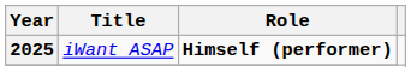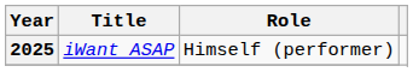 <table class="wikitable plainrowheaders sortable" style="text-align:center">
 <tr>
 <th scope="col">Year</th>
 <th scope="col">Title</th>
 <th scope="col">Role</th>
 <th class="unsortable"></th>
 </tr>
 <tr>
 <th scope="row" rowspan="1">2025</th>
 <td><em><a href='#'>iWant ASAP</a></em></td>
-<td><strong>Himself (performer)</strong></td>
+<td>Himself (performer)</td>
 </tr>
 <tr>
 </tr>
 </table>
